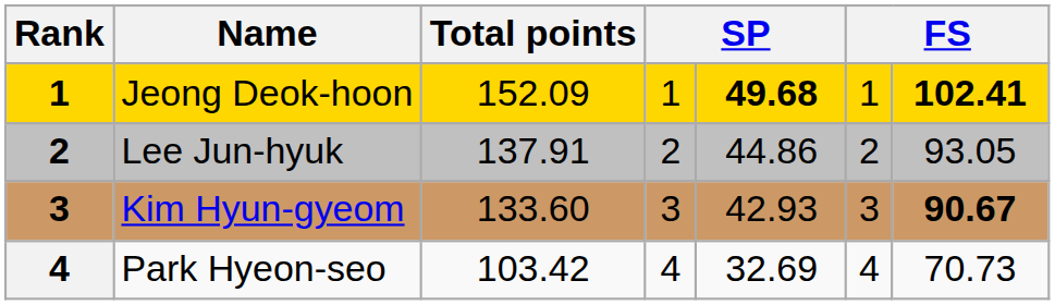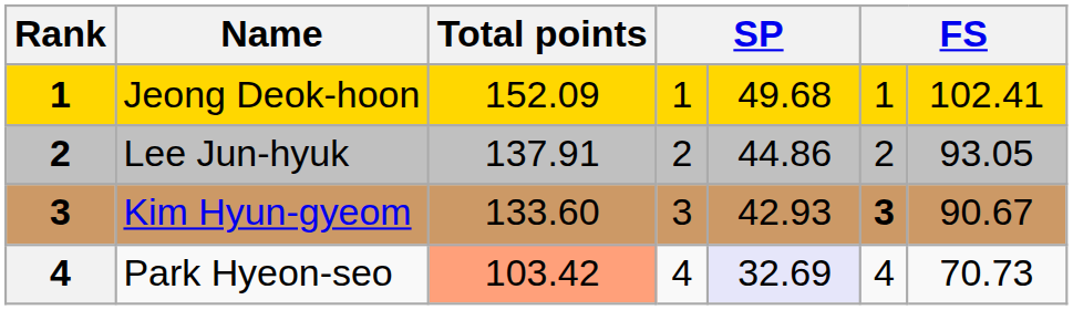 <table class="wikitable sortable">
 <tr>
 <th>Rank</th>
 <th>Name</th>
 <th>Total points</th>
 <th colspan="2" width="80px"><a href='#'>SP</a></th>
 <th colspan="2" width="80px"><a href='#'>FS</a></th>
 </tr>
 <tr bgcolor="gold">
 <td align="center"><strong>1</strong></td>
 <td>Jeong Deok-hoon</td>
 <td align="center">152.09</td>
 <td align="center">1</td>
-<td align="center"><strong>49.68</strong></td>
+<td align="center">49.68</td>
 <td align="center">1</td>
-<td align="center"><strong>102.41</strong></td>
+<td align="center">102.41</td>
 </tr>
 <tr bgcolor="silver">
 <td align="center"><strong>2</strong></td>
 <td>Lee Jun-hyuk</td>
 <td align="center">137.91</td>
 <td align="center">2</td>
 <td align="center">44.86</td>
 <td align="center">2</td>
 <td align="center">93.05</td>
 </tr>
 <tr bgcolor="cc9966">
 <td align="center"><strong>3</strong></td>
 <td><a href='#'>Kim Hyun-gyeom</a></td>
 <td align="center">133.60</td>
 <td align="center">3</td>
 <td align="center">42.93</td>
-<td align="center">3</td>
-<td align="center"><strong>90.67</strong></td>
+<td align="center"><strong>3</strong></td>
+<td align="center">90.67</td>
 </tr>
 <tr>
 <th>4</th>
 <td>Park Hyeon-seo</td>
-<td align="center">103.42</td>
+<td align="center" style="background: lightsalmon;">103.42</td>
 <td align="center">4</td>
-<td align="center">32.69</td>
+<td align="center" style="background: lavender;">32.69</td>
 <td align="center">4</td>
 <td align="center">70.73</td>
 </tr>
 </table>
